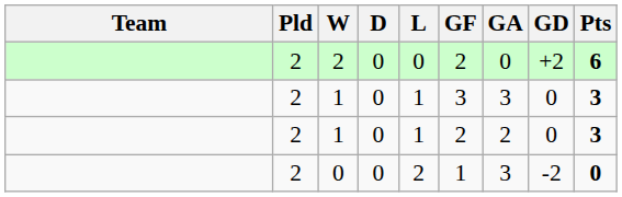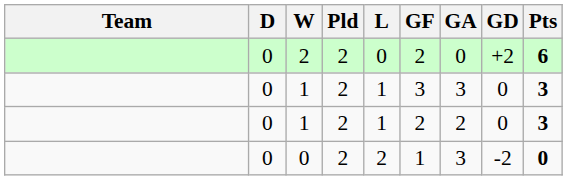 <table class="wikitable" style="text-align: center;">
 <tr>
 <th width=175>Team</th>
+<th width=20 abbr="Drawn">D</th>
+<th width=20 abbr="Won">W</th>
 <th width=20 abbr="Played">Pld</th>
-<th width=20 abbr="Won">W</th>
-<th width=20 abbr="Drawn">D</th>
 <th width=20 abbr="Lost">L</th>
 <th width=20 abbr="Goals for">GF</th>
 <th width=20 abbr="Goals against">GA</th>
 <th width=20 abbr="Goal difference">GD</th>
 <th width=20 abbr="Points">Pts</th>
 </tr>
 <tr bgcolor="#ccffcc">
 <td align=left></td>
+<td>0</td>
 <td>2</td>
 <td>2</td>
-<td>0</td>
 <td>0</td>
 <td>2</td>
 <td>0</td>
 <td>+2</td>
 <td><strong>6</strong></td>
 </tr>
 <tr>
 <td align=left></td>
+<td>0</td>
+<td>1</td>
 <td>2</td>
-<td>1</td>
-<td>0</td>
 <td>1</td>
 <td>3</td>
 <td>3</td>
 <td>0</td>
 <td><strong>3</strong></td>
 </tr>
 <tr>
 <td align=left></td>
+<td>0</td>
+<td>1</td>
 <td>2</td>
-<td>1</td>
-<td>0</td>
 <td>1</td>
 <td>2</td>
 <td>2</td>
 <td>0</td>
 <td><strong>3</strong></td>
 </tr>
 <tr>
 <td align=left></td>
-<td>2</td>
 <td>0</td>
 <td>0</td>
+<td>2</td>
 <td>2</td>
 <td>1</td>
 <td>3</td>
 <td>-2</td>
 <td><strong>0</strong></td>
 </tr>
 </table>
